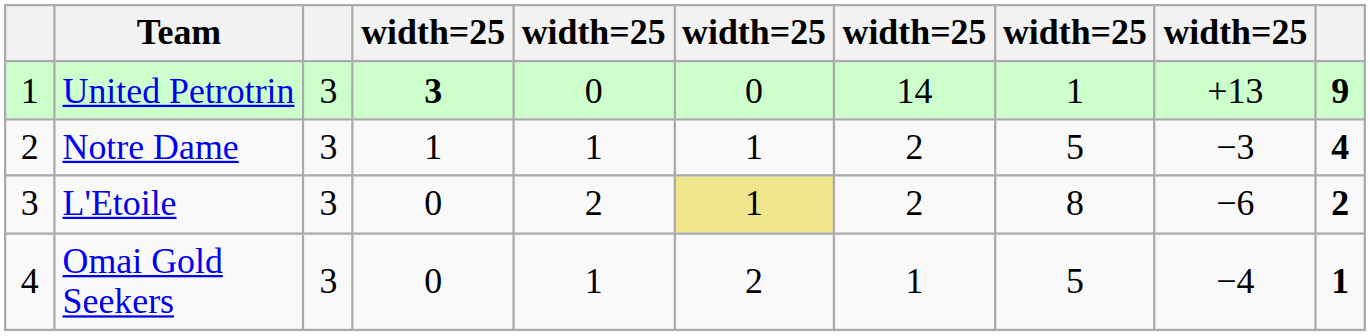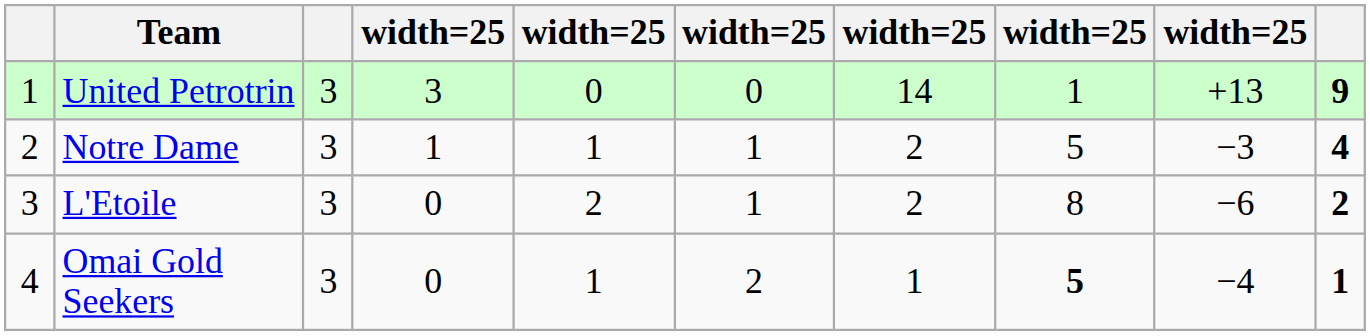 <table class="wikitable" style="text-align: center;">
 <tr>
 <th width=25></th>
 <th width=180>Team</th>
 <th width=25></th>
 <th>width=25</th>
 <th>width=25</th>
 <th>width=25</th>
 <th>width=25</th>
 <th>width=25</th>
 <th>width=25</th>
 <th width=25></th>
 </tr>
 <tr bgcolor=ccffcc>
 <td>1</td>
 <td align="left"> <a href='#'>United Petrotrin</a></td>
 <td>3</td>
-<td><strong>3</strong></td>
+<td>3</td>
 <td>0</td>
 <td>0</td>
 <td>14</td>
 <td>1</td>
 <td>+13</td>
 <td><strong>9</strong></td>
 </tr>
 <tr>
 <td>2</td>
 <td align="left"> <a href='#'>Notre Dame</a></td>
 <td>3</td>
 <td>1</td>
 <td>1</td>
 <td>1</td>
 <td>2</td>
 <td>5</td>
 <td>−3</td>
 <td><strong>4</strong></td>
 </tr>
 <tr>
 <td>3</td>
 <td align="left"> <a href='#'>L'Etoile</a></td>
 <td>3</td>
 <td>0</td>
 <td>2</td>
-<td style="background: khaki;">1</td>
+<td>1</td>
 <td>2</td>
 <td>8</td>
 <td>−6</td>
 <td><strong>2</strong></td>
 </tr>
 <tr>
 <td>4</td>
 <td align="left"> <a href='#'>Omai Gold Seekers</a></td>
 <td>3</td>
 <td>0</td>
 <td>1</td>
 <td>2</td>
 <td>1</td>
-<td>5</td>
+<td><strong>5</strong></td>
 <td>−4</td>
 <td><strong>1</strong></td>
 </tr>
 </table>
